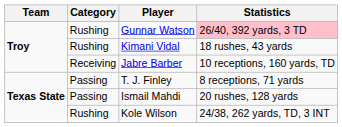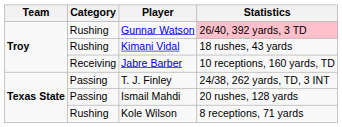 <table class="wikitable" style="float: right;">
 <tr>
 <th>Team</th>
 <th>Category</th>
 <th>Player</th>
 <th>Statistics</th>
 </tr>
 <tr>
 <td rowspan=3><strong>Troy</strong></td>
 <td>Rushing</td>
 <td><a href='#'>Gunnar Watson</a></td>
 <td style="background: pink;">26/40, 392 yards, 3 TD</td>
 </tr>
 <tr>
 <td>Rushing</td>
 <td><a href='#'>Kimani Vidal</a></td>
 <td>18 rushes, 43 yards</td>
 </tr>
 <tr>
 <td>Receiving</td>
 <td><a href='#'>Jabre Barber</a></td>
 <td>10 receptions, 160 yards, TD</td>
 </tr>
 <tr>
 <td rowspan=3><strong>Texas State</strong></td>
 <td>Passing</td>
 <td>T. J. Finley</td>
-<td>8 receptions, 71 yards</td>
+<td>24/38, 262 yards, TD, 3 INT</td>
 </tr>
 <tr>
 <td>Passing</td>
 <td>Ismail Mahdi</td>
 <td>20 rushes, 128 yards</td>
 </tr>
 <tr>
 <td>Rushing</td>
 <td>Kole Wilson</td>
-<td>24/38, 262 yards, TD, 3 INT</td>
+<td>8 receptions, 71 yards</td>
 </tr>
 </table>
